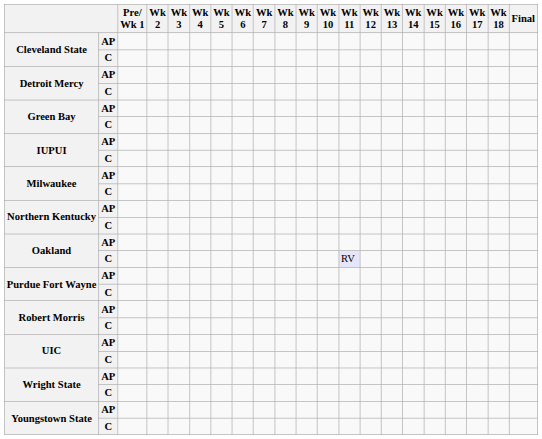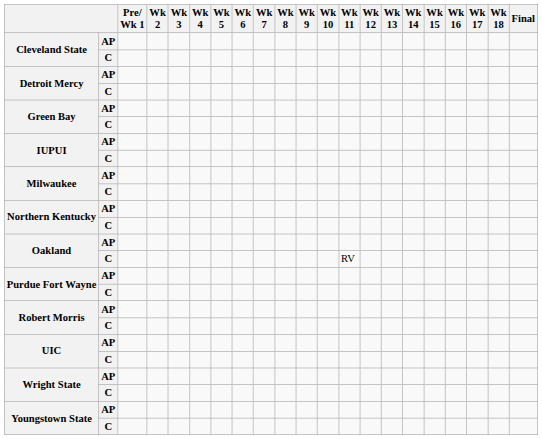 <table class="wikitable">
 <tr>
 <th colspan="2"></th>
 <th>Pre/<br>Wk 1</th>
 <th>Wk<br>2</th>
 <th>Wk<br>3</th>
 <th>Wk<br>4</th>
 <th>Wk<br>5</th>
 <th>Wk<br>6</th>
 <th>Wk<br>7</th>
 <th>Wk<br>8</th>
 <th>Wk<br>9</th>
 <th>Wk<br>10</th>
 <th>Wk<br>11</th>
 <th>Wk<br>12</th>
 <th>Wk<br>13</th>
 <th>Wk<br>14</th>
 <th>Wk<br>15</th>
 <th>Wk<br>16</th>
 <th>Wk<br>17</th>
 <th>Wk<br>18</th>
 <th>Final</th>
 </tr>
 <tr>
 <th rowspan="2">Cleveland State</th>
 <th>AP</th>
 <td></td>
 <td></td>
 <td></td>
 <td></td>
 <td></td>
 <td></td>
 <td></td>
 <td></td>
 <td></td>
 <td></td>
 <td></td>
 <td></td>
 <td></td>
 <td></td>
 <td></td>
 <td></td>
 <td></td>
 <td></td>
 <td></td>
 </tr>
 <tr>
 <th>C</th>
 <td></td>
 <td></td>
 <td></td>
 <td></td>
 <td></td>
 <td></td>
 <td></td>
 <td></td>
 <td></td>
 <td></td>
 <td></td>
 <td></td>
 <td></td>
 <td></td>
 <td></td>
 <td></td>
 <td></td>
 <td></td>
 <td></td>
 </tr>
 <tr>
 <th rowspan="2">Detroit Mercy</th>
 <th>AP</th>
 <td></td>
 <td></td>
 <td></td>
 <td></td>
 <td></td>
 <td></td>
 <td></td>
 <td></td>
 <td></td>
 <td></td>
 <td></td>
 <td></td>
 <td></td>
 <td></td>
 <td></td>
 <td></td>
 <td></td>
 <td></td>
 <td></td>
 </tr>
 <tr>
 <th>C</th>
 <td></td>
 <td></td>
 <td></td>
 <td></td>
 <td></td>
 <td></td>
 <td></td>
 <td></td>
 <td></td>
 <td></td>
 <td></td>
 <td></td>
 <td></td>
 <td></td>
 <td></td>
 <td></td>
 <td></td>
 <td></td>
 <td></td>
 </tr>
 <tr>
 <th rowspan="2">Green Bay</th>
 <th>AP</th>
 <td></td>
 <td></td>
 <td></td>
 <td></td>
 <td></td>
 <td></td>
 <td></td>
 <td></td>
 <td></td>
 <td></td>
 <td></td>
 <td></td>
 <td></td>
 <td></td>
 <td></td>
 <td></td>
 <td></td>
 <td></td>
 <td></td>
 </tr>
 <tr>
 <th>C</th>
 <td></td>
 <td></td>
 <td></td>
 <td></td>
 <td></td>
 <td></td>
 <td></td>
 <td></td>
 <td></td>
 <td></td>
 <td></td>
 <td></td>
 <td></td>
 <td></td>
 <td></td>
 <td></td>
 <td></td>
 <td></td>
 <td></td>
 </tr>
 <tr>
 <th rowspan="2">IUPUI</th>
 <th>AP</th>
 <td></td>
 <td></td>
 <td></td>
 <td></td>
 <td></td>
 <td></td>
 <td></td>
 <td></td>
 <td></td>
 <td></td>
 <td></td>
 <td></td>
 <td></td>
 <td></td>
 <td></td>
 <td></td>
 <td></td>
 <td></td>
 <td></td>
 </tr>
 <tr>
 <th>C</th>
 <td></td>
 <td></td>
 <td></td>
 <td></td>
 <td></td>
 <td></td>
 <td></td>
 <td></td>
 <td></td>
 <td></td>
 <td></td>
 <td></td>
 <td></td>
 <td></td>
 <td></td>
 <td></td>
 <td></td>
 <td></td>
 <td></td>
 </tr>
 <tr>
 <th rowspan="2">Milwaukee</th>
 <th>AP</th>
 <td></td>
 <td></td>
 <td></td>
 <td></td>
 <td></td>
 <td></td>
 <td></td>
 <td></td>
 <td></td>
 <td></td>
 <td></td>
 <td></td>
 <td></td>
 <td></td>
 <td></td>
 <td></td>
 <td></td>
 <td></td>
 <td></td>
 </tr>
 <tr>
 <th>C</th>
 <td></td>
 <td></td>
 <td></td>
 <td></td>
 <td></td>
 <td></td>
 <td></td>
 <td></td>
 <td></td>
 <td></td>
 <td></td>
 <td></td>
 <td></td>
 <td></td>
 <td></td>
 <td></td>
 <td></td>
 <td></td>
 <td></td>
 </tr>
 <tr>
 <th rowspan="2">Northern Kentucky</th>
 <th>AP</th>
 <td></td>
 <td></td>
 <td></td>
 <td></td>
 <td></td>
 <td></td>
 <td></td>
 <td></td>
 <td></td>
 <td></td>
 <td></td>
 <td></td>
 <td></td>
 <td></td>
 <td></td>
 <td></td>
 <td></td>
 <td></td>
 <td></td>
 </tr>
 <tr>
 <th>C</th>
 <td></td>
 <td></td>
 <td></td>
 <td></td>
 <td></td>
 <td></td>
 <td></td>
 <td></td>
 <td></td>
 <td></td>
 <td></td>
 <td></td>
 <td></td>
 <td></td>
 <td></td>
 <td></td>
 <td></td>
 <td></td>
 <td></td>
 </tr>
 <tr>
 <th rowspan="2">Oakland</th>
 <th>AP</th>
 <td></td>
 <td></td>
 <td></td>
 <td></td>
 <td></td>
 <td></td>
 <td></td>
 <td></td>
 <td></td>
 <td></td>
 <td></td>
 <td></td>
 <td></td>
 <td></td>
 <td></td>
 <td></td>
 <td></td>
 <td></td>
 <td></td>
 </tr>
 <tr>
 <th>C</th>
 <td></td>
 <td></td>
 <td></td>
 <td></td>
 <td></td>
 <td></td>
 <td></td>
 <td></td>
 <td></td>
 <td></td>
-<td style="background: lavender;">RV</td>
+<td>RV</td>
 <td></td>
 <td></td>
 <td></td>
 <td></td>
 <td></td>
 <td></td>
 <td></td>
 <td></td>
 </tr>
 <tr>
 <th rowspan="2">Purdue Fort Wayne</th>
 <th>AP</th>
 <td></td>
 <td></td>
 <td></td>
 <td></td>
 <td></td>
 <td></td>
 <td></td>
 <td></td>
 <td></td>
 <td></td>
 <td></td>
 <td></td>
 <td></td>
 <td></td>
 <td></td>
 <td></td>
 <td></td>
 <td></td>
 <td></td>
 </tr>
 <tr>
 <th>C</th>
 <td></td>
 <td></td>
 <td></td>
 <td></td>
 <td></td>
 <td></td>
 <td></td>
 <td></td>
 <td></td>
 <td></td>
 <td></td>
 <td></td>
 <td></td>
 <td></td>
 <td></td>
 <td></td>
 <td></td>
 <td></td>
 <td></td>
 </tr>
 <tr>
 <th rowspan="2">Robert Morris</th>
 <th>AP</th>
 <td></td>
 <td></td>
 <td></td>
 <td></td>
 <td></td>
 <td></td>
 <td></td>
 <td></td>
 <td></td>
 <td></td>
 <td></td>
 <td></td>
 <td></td>
 <td></td>
 <td></td>
 <td></td>
 <td></td>
 <td></td>
 <td></td>
 </tr>
 <tr>
 <th>C</th>
 <td></td>
 <td></td>
 <td></td>
 <td></td>
 <td></td>
 <td></td>
 <td></td>
 <td></td>
 <td></td>
 <td></td>
 <td></td>
 <td></td>
 <td></td>
 <td></td>
 <td></td>
 <td></td>
 <td></td>
 <td></td>
 <td></td>
 </tr>
 <tr>
 <th rowspan="2">UIC</th>
 <th>AP</th>
 <td></td>
 <td></td>
 <td></td>
 <td></td>
 <td></td>
 <td></td>
 <td></td>
 <td></td>
 <td></td>
 <td></td>
 <td></td>
 <td></td>
 <td></td>
 <td></td>
 <td></td>
 <td></td>
 <td></td>
 <td></td>
 <td></td>
 </tr>
 <tr>
 <th>C</th>
 <td></td>
 <td></td>
 <td></td>
 <td></td>
 <td></td>
 <td></td>
 <td></td>
 <td></td>
 <td></td>
 <td></td>
 <td></td>
 <td></td>
 <td></td>
 <td></td>
 <td></td>
 <td></td>
 <td></td>
 <td></td>
 <td></td>
 </tr>
 <tr>
 <th rowspan="2">Wright State</th>
 <th>AP</th>
 <td></td>
 <td></td>
 <td></td>
 <td></td>
 <td></td>
 <td></td>
 <td></td>
 <td></td>
 <td></td>
 <td></td>
 <td></td>
 <td></td>
 <td></td>
 <td></td>
 <td></td>
 <td></td>
 <td></td>
 <td></td>
 <td></td>
 </tr>
 <tr>
 <th>C</th>
 <td></td>
 <td></td>
 <td></td>
 <td></td>
 <td></td>
 <td></td>
 <td></td>
 <td></td>
 <td></td>
 <td></td>
 <td></td>
 <td></td>
 <td></td>
 <td></td>
 <td></td>
 <td></td>
 <td></td>
 <td></td>
 <td></td>
 </tr>
 <tr>
 <th rowspan="2">Youngstown State</th>
 <th>AP</th>
 <td></td>
 <td></td>
 <td></td>
 <td></td>
 <td></td>
 <td></td>
 <td></td>
 <td></td>
 <td></td>
 <td></td>
 <td></td>
 <td></td>
 <td></td>
 <td></td>
 <td></td>
 <td></td>
 <td></td>
 <td></td>
 <td></td>
 </tr>
 <tr>
 <th>C</th>
 <td></td>
 <td></td>
 <td></td>
 <td></td>
 <td></td>
 <td></td>
 <td></td>
 <td></td>
 <td></td>
 <td></td>
 <td></td>
 <td></td>
 <td></td>
 <td></td>
 <td></td>
 <td></td>
 <td></td>
 <td></td>
 <td></td>
 </tr>
 </table>
